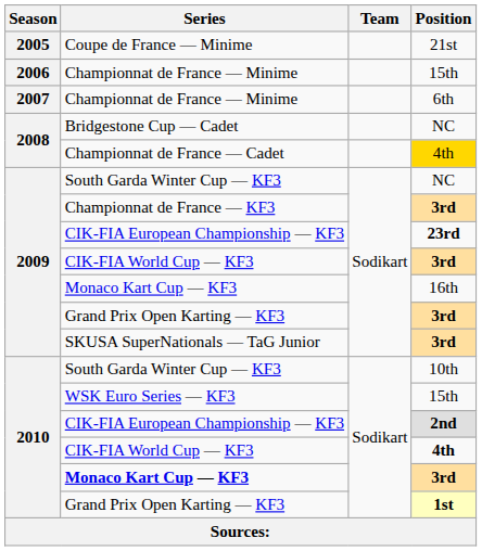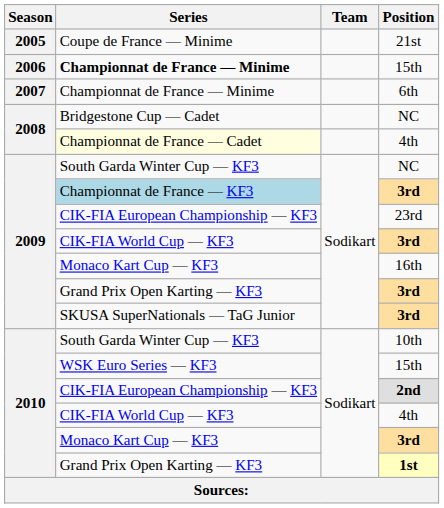 <table class="wikitable" style="font-size: 85%; text-align:center">
 <tr>
 <th>Season</th>
 <th>Series</th>
 <th>Team</th>
 <th>Position</th>
 </tr>
 <tr>
 <th>2005</th>
 <td align="left">Coupe de France — Minime</td>
 <td align="left"></td>
 <td>21st</td>
 </tr>
 <tr>
 <th>2006</th>
-<td align="left">Championnat de France — Minime</td>
+<td align="left"><strong>Championnat de France — Minime</strong></td>
 <td align="left"></td>
 <td>15th</td>
 </tr>
 <tr>
 <th>2007</th>
 <td align="left">Championnat de France — Minime</td>
 <td align="left"></td>
 <td>6th</td>
 </tr>
 <tr>
 <th rowspan="2">2008</th>
 <td align="left">Bridgestone Cup — Cadet</td>
 <td align="left"></td>
 <td>NC</td>
 </tr>
 <tr>
-<td align="left">Championnat de France — Cadet</td>
+<td align="left" style="background: lightyellow;">Championnat de France — Cadet</td>
 <td align="left"></td>
-<td style="background: gold;">4th</td>
+<td>4th</td>
 </tr>
 <tr>
 <th rowspan="7">2009</th>
 <td align="left">South Garda Winter Cup — <a href='#'>KF3</a></td>
 <td rowspan="7"  align="left">Sodikart</td>
 <td>NC</td>
 </tr>
 <tr>
-<td align="left">Championnat de France — <a href='#'>KF3</a></td>
+<td align="left" style="background: lightblue;">Championnat de France — <a href='#'>KF3</a></td>
 <td style="background:#FFDF9F;"><strong>3rd</strong></td>
 </tr>
 <tr>
 <td align="left"><a href='#'>CIK-FIA European Championship</a> — <a href='#'>KF3</a></td>
-<td><strong>23rd</strong></td>
+<td>23rd</td>
 </tr>
 <tr>
 <td align="left"><a href='#'>CIK-FIA World Cup</a> — <a href='#'>KF3</a></td>
 <td style="background:#FFDF9F;"><strong>3rd</strong></td>
 </tr>
 <tr>
 <td align="left"><a href='#'>Monaco Kart Cup</a> — <a href='#'>KF3</a></td>
 <td>16th</td>
 </tr>
 <tr>
 <td align="left">Grand Prix Open Karting — <a href='#'>KF3</a></td>
 <td style="background:#FFDF9F;"><strong>3rd</strong></td>
 </tr>
 <tr>
 <td align="left">SKUSA SuperNationals — TaG Junior</td>
 <td style="background:#FFDF9F;"><strong>3rd</strong></td>
 </tr>
 <tr>
 <th rowspan="6">2010</th>
 <td align="left">South Garda Winter Cup — <a href='#'>KF3</a></td>
 <td rowspan="6"  align="left">Sodikart</td>
 <td>10th</td>
 </tr>
 <tr>
 <td align="left"><a href='#'>WSK Euro Series</a> — <a href='#'>KF3</a></td>
 <td>15th</td>
 </tr>
 <tr>
 <td align="left"><a href='#'>CIK-FIA European Championship</a> — <a href='#'>KF3</a></td>
 <td style="background:#DFDFDF;"><strong>2nd</strong></td>
 </tr>
 <tr>
 <td align="left"><a href='#'>CIK-FIA World Cup</a> — <a href='#'>KF3</a></td>
-<td><strong>4th</strong></td>
+<td>4th</td>
 </tr>
 <tr>
-<td align="left"><strong><a href='#'>Monaco Kart Cup</a> — <a href='#'>KF3</a></strong></td>
+<td align="left"><a href='#'>Monaco Kart Cup</a> — <a href='#'>KF3</a></td>
 <td style="background:#FFDF9F;"><strong>3rd</strong></td>
 </tr>
 <tr>
 <td align="left">Grand Prix Open Karting — <a href='#'>KF3</a></td>
 <td style="background:#FFFFBF;"><strong>1st</strong></td>
 </tr>
 <tr>
 <th colspan="4">Sources:</th>
 </tr>
 </table>
